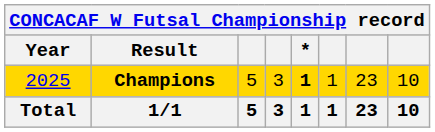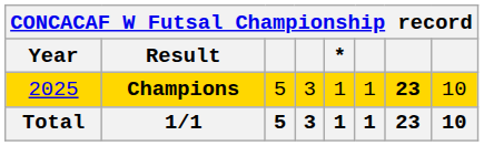 <table class="wikitable" style="text-align: center;">
 <tr>
 <th colspan="8"><a href='#'>CONCACAF W Futsal Championship</a> record</th>
 </tr>
 <tr>
 <th>Year</th>
 <th>Result</th>
 <th></th>
 <th></th>
 <th>*</th>
 <th></th>
 <th></th>
 <th></th>
 </tr>
 <tr bgcolor=gold>
 <td> <a href='#'>2025</a></td>
 <td><strong>Champions</strong></td>
 <td>5</td>
 <td>3</td>
-<td><strong>1</strong></td>
 <td>1</td>
-<td>23</td>
+<td>1</td>
+<td><strong>23</strong></td>
 <td>10</td>
 </tr>
 <tr>
 <th>Total</th>
 <th>1/1</th>
 <th>5</th>
 <th>3</th>
 <th>1</th>
 <th>1</th>
 <th>23</th>
 <th>10</th>
 </tr>
 </table>
